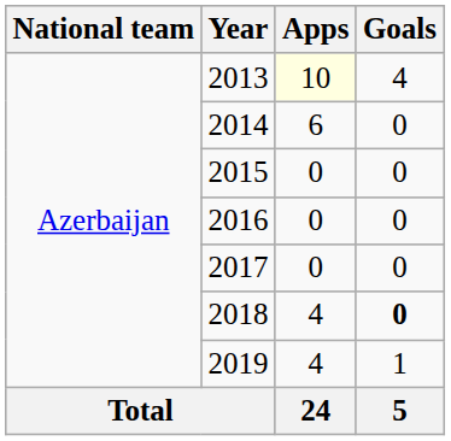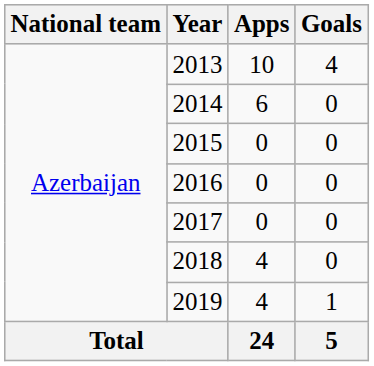 <table class="wikitable" style="text-align:center">
 <tr>
 <th>National team</th>
 <th>Year</th>
 <th>Apps</th>
 <th>Goals</th>
 </tr>
 <tr>
 <td rowspan="7"><a href='#'>Azerbaijan</a></td>
 <td>2013</td>
-<td style="background: lightyellow;">10</td>
+<td>10</td>
 <td>4</td>
 </tr>
 <tr>
 <td>2014</td>
 <td>6</td>
 <td>0</td>
 </tr>
 <tr>
 <td>2015</td>
 <td>0</td>
 <td>0</td>
 </tr>
 <tr>
 <td>2016</td>
 <td>0</td>
 <td>0</td>
 </tr>
 <tr>
 <td>2017</td>
 <td>0</td>
 <td>0</td>
 </tr>
 <tr>
 <td>2018</td>
 <td>4</td>
-<td><strong>0</strong></td>
+<td>0</td>
 </tr>
 <tr>
 <td>2019</td>
 <td>4</td>
 <td>1</td>
 </tr>
 <tr>
 <th colspan="2">Total</th>
 <th>24</th>
 <th>5</th>
 </tr>
 </table>
